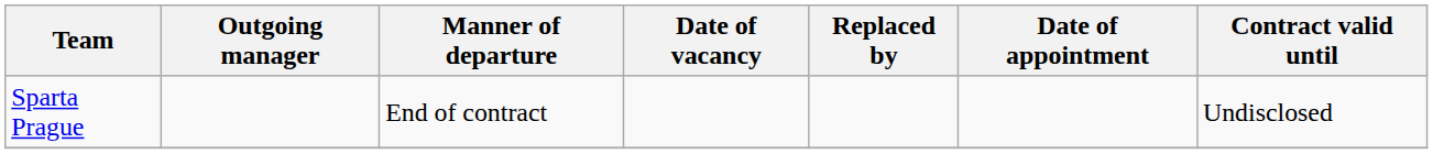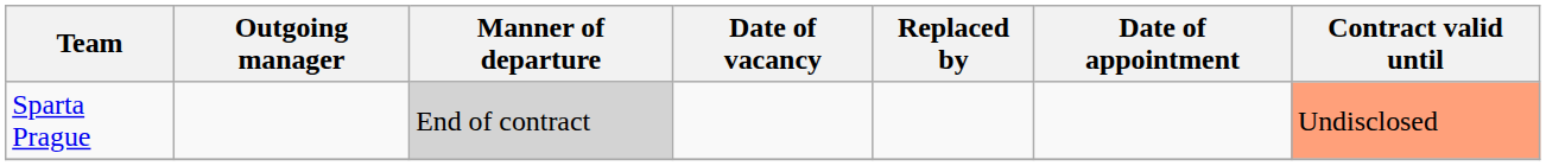 <table class="wikitable sortable">
 <tr>
 <th>Team</th>
 <th>Outgoing manager</th>
 <th>Manner of departure</th>
 <th>Date of vacancy</th>
 <th>Replaced by</th>
 <th>Date of appointment</th>
 <th>Contract valid until</th>
 </tr>
 <tr>
 <td><a href='#'>Sparta Prague</a></td>
 <td> </td>
-<td>End of contract</td>
+<td style="background: lightgrey;">End of contract</td>
 <td></td>
 <td> </td>
 <td></td>
-<td>Undisclosed</td>
+<td style="background: lightsalmon;">Undisclosed</td>
 </tr>
 <tr>
 </tr>
 </table>
